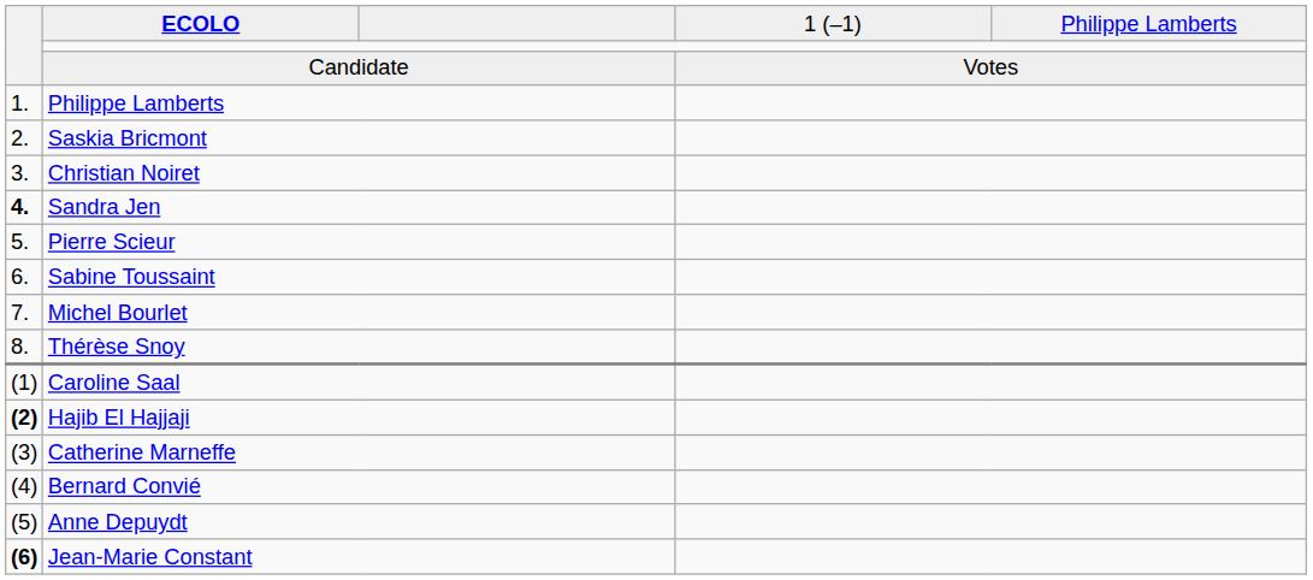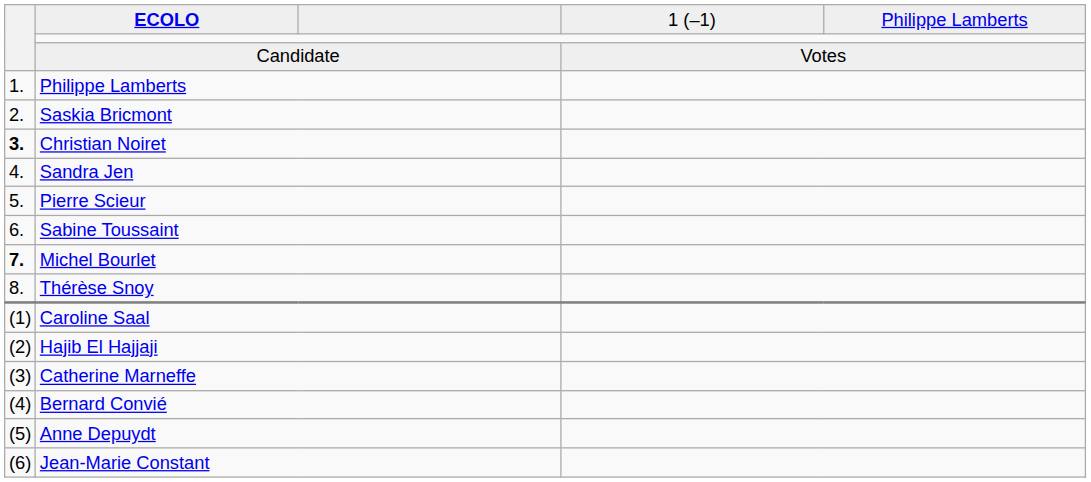 <table class="wikitable collapsible collapsed" style=text-align:left;font-size:90%>
 <tr>
 <th rowspan=3></th>
 <td bgcolor=efefef width=200 align=center><strong> <a href='#'>ECOLO</a></strong></td>
 <td bgcolor=efefef width=200 align=center></td>
 <td bgcolor=efefef width=200 align=center>1 (–1)</td>
 <td bgcolor=efefef width=200 align=center><a href='#'>Philippe Lamberts</a></td>
 </tr>
 <tr>
 <td colspan=4 bgcolor=></td>
 </tr>
 <tr>
 <td bgcolor=efefef align=center colspan=2>Candidate</td>
 <td bgcolor=efefef align=center colspan=2>Votes</td>
 </tr>
 <tr>
 <td>1.</td>
 <td colspan=2><a href='#'>Philippe Lamberts</a></td>
 <td colspan=2></td>
 </tr>
 <tr>
 <td>2.</td>
 <td colspan=2><a href='#'>Saskia Bricmont</a></td>
 <td colspan=2></td>
 </tr>
 <tr>
-<td>3.</td>
+<td><strong>3.</strong></td>
 <td colspan=2><a href='#'>Christian Noiret</a></td>
 <td colspan=2></td>
 </tr>
 <tr>
-<td><strong>4.</strong></td>
+<td>4.</td>
 <td colspan=2><a href='#'>Sandra Jen</a></td>
 <td colspan=2></td>
 </tr>
 <tr>
 <td>5.</td>
 <td colspan=2><a href='#'>Pierre Scieur</a></td>
 <td colspan=2></td>
 </tr>
 <tr>
 <td>6.</td>
 <td colspan=2><a href='#'>Sabine Toussaint</a></td>
 <td colspan=2></td>
 </tr>
 <tr>
-<td>7.</td>
+<td><strong>7.</strong></td>
 <td colspan=2><a href='#'>Michel Bourlet</a></td>
 <td colspan=2></td>
 </tr>
 <tr>
 <td>8.</td>
 <td colspan=2><a href='#'>Thérèse Snoy</a></td>
 <td colspan=2></td>
 </tr>
 <tr style="border-top:2px solid gray;">
 <td>(1)</td>
 <td colspan=2><a href='#'>Caroline Saal</a></td>
 <td colspan=2></td>
 </tr>
 <tr>
-<td><strong>(2)</strong></td>
+<td>(2)</td>
 <td colspan=2><a href='#'>Hajib El Hajjaji</a></td>
 <td colspan=2></td>
 </tr>
 <tr>
 <td>(3)</td>
 <td colspan=2><a href='#'>Catherine Marneffe</a></td>
 <td colspan=2></td>
 </tr>
 <tr>
 <td>(4)</td>
 <td colspan=2><a href='#'>Bernard Convié</a></td>
 <td colspan=2></td>
 </tr>
 <tr>
 <td>(5)</td>
 <td colspan=2><a href='#'>Anne Depuydt</a></td>
 <td colspan=2></td>
 </tr>
 <tr>
-<td><strong>(6)</strong></td>
+<td>(6)</td>
 <td colspan=2><a href='#'>Jean‐Marie Constant</a></td>
 <td colspan=2></td>
 </tr>
 </table>
